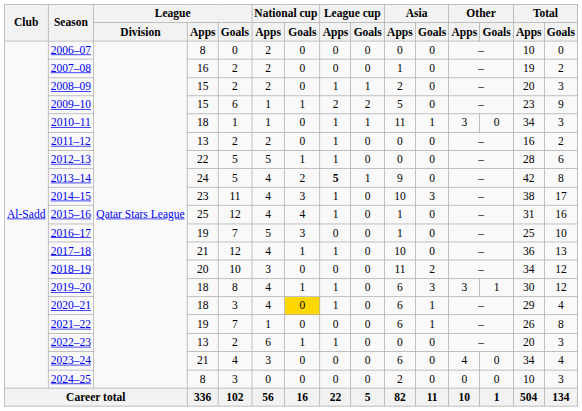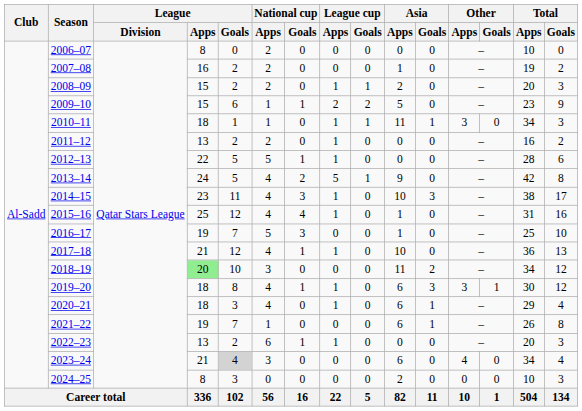 <table class="wikitable" style="text-align:center;">
 <tr>
 <th rowspan="2">Club</th>
 <th rowspan="2">Season</th>
 <th colspan="3">League</th>
 <th colspan="2">National cup</th>
 <th colspan="2">League cup</th>
 <th colspan="2">Asia</th>
 <th colspan="2">Other</th>
 <th colspan="2">Total</th>
 </tr>
 <tr>
 <th>Division</th>
 <th>Apps</th>
 <th>Goals</th>
 <th>Apps</th>
 <th>Goals</th>
 <th>Apps</th>
 <th>Goals</th>
 <th>Apps</th>
 <th>Goals</th>
 <th>Apps</th>
 <th>Goals</th>
 <th>Apps</th>
 <th>Goals</th>
 </tr>
 <tr>
 <td rowspan="19"><a href='#'>Al-Sadd</a></td>
 <td><a href='#'>2006–07</a></td>
 <td rowspan="19" valign="center"><a href='#'>Qatar Stars League</a></td>
 <td>8</td>
 <td>0</td>
 <td>2</td>
 <td>0</td>
 <td>0</td>
 <td>0</td>
 <td>0</td>
 <td>0</td>
 <td colspan="2">–</td>
 <td>10</td>
 <td>0</td>
 </tr>
 <tr>
 <td><a href='#'>2007–08</a></td>
 <td>16</td>
 <td>2</td>
 <td>2</td>
 <td>0</td>
 <td>0</td>
 <td>0</td>
 <td>1</td>
 <td>0</td>
 <td colspan="2">–</td>
 <td>19</td>
 <td>2</td>
 </tr>
 <tr>
 <td><a href='#'>2008–09</a></td>
 <td>15</td>
 <td>2</td>
 <td>2</td>
 <td>0</td>
 <td>1</td>
 <td>1</td>
 <td>2</td>
 <td>0</td>
 <td colspan="2">–</td>
 <td>20</td>
 <td>3</td>
 </tr>
 <tr>
 <td><a href='#'>2009–10</a></td>
 <td>15</td>
 <td>6</td>
 <td>1</td>
 <td>1</td>
 <td>2</td>
 <td>2</td>
 <td>5</td>
 <td>0</td>
 <td colspan="2">–</td>
 <td>23</td>
 <td>9</td>
 </tr>
 <tr>
 <td><a href='#'>2010–11</a></td>
 <td>18</td>
 <td>1</td>
 <td>1</td>
 <td>0</td>
 <td>1</td>
 <td>1</td>
 <td>11</td>
 <td>1</td>
 <td>3</td>
 <td>0</td>
 <td>34</td>
 <td>3</td>
 </tr>
 <tr>
 <td><a href='#'>2011–12</a></td>
 <td>13</td>
 <td>2</td>
 <td>2</td>
 <td>0</td>
 <td>1</td>
 <td>0</td>
 <td>0</td>
 <td>0</td>
 <td colspan="2">–</td>
 <td>16</td>
 <td>2</td>
 </tr>
 <tr>
 <td><a href='#'>2012–13</a></td>
 <td>22</td>
 <td>5</td>
 <td>5</td>
 <td>1</td>
 <td>1</td>
 <td>0</td>
 <td>0</td>
 <td>0</td>
 <td colspan="2">–</td>
 <td>28</td>
 <td>6</td>
 </tr>
 <tr>
 <td><a href='#'>2013–14</a></td>
 <td>24</td>
 <td>5</td>
 <td>4</td>
 <td>2</td>
-<td><strong>5</strong></td>
+<td>5</td>
 <td>1</td>
 <td>9</td>
 <td>0</td>
 <td colspan="2">–</td>
 <td>42</td>
 <td>8</td>
 </tr>
 <tr>
 <td><a href='#'>2014–15</a></td>
 <td>23</td>
 <td>11</td>
 <td>4</td>
 <td>3</td>
 <td>1</td>
 <td>0</td>
 <td>10</td>
 <td>3</td>
 <td colspan="2">–</td>
 <td>38</td>
 <td>17</td>
 </tr>
 <tr>
 <td><a href='#'>2015–16</a></td>
 <td>25</td>
 <td>12</td>
 <td>4</td>
 <td>4</td>
 <td>1</td>
 <td>0</td>
 <td>1</td>
 <td>0</td>
 <td colspan="2">–</td>
 <td>31</td>
 <td>16</td>
 </tr>
 <tr>
 <td><a href='#'>2016–17</a></td>
 <td>19</td>
 <td>7</td>
 <td>5</td>
 <td>3</td>
 <td>0</td>
 <td>0</td>
 <td>1</td>
 <td>0</td>
 <td colspan="2">–</td>
 <td>25</td>
 <td>10</td>
 </tr>
 <tr>
 <td><a href='#'>2017–18</a></td>
 <td>21</td>
 <td>12</td>
 <td>4</td>
 <td>1</td>
 <td>1</td>
 <td>0</td>
 <td>10</td>
 <td>0</td>
 <td colspan="2">–</td>
 <td>36</td>
 <td>13</td>
 </tr>
 <tr>
 <td><a href='#'>2018–19</a></td>
-<td>20</td>
+<td style="background: lightgreen;">20</td>
 <td>10</td>
 <td>3</td>
 <td>0</td>
 <td>0</td>
 <td>0</td>
 <td>11</td>
 <td>2</td>
 <td colspan="2">–</td>
 <td>34</td>
 <td>12</td>
 </tr>
 <tr>
 <td><a href='#'>2019–20</a></td>
 <td>18</td>
 <td>8</td>
 <td>4</td>
 <td>1</td>
 <td>1</td>
 <td>0</td>
 <td>6</td>
 <td>3</td>
 <td>3</td>
 <td>1</td>
 <td>30</td>
 <td>12</td>
 </tr>
 <tr>
 <td><a href='#'>2020–21</a></td>
 <td>18</td>
 <td>3</td>
 <td>4</td>
-<td style="background: gold;">0</td>
+<td>0</td>
 <td>1</td>
 <td>0</td>
 <td>6</td>
 <td>1</td>
 <td colspan="2">–</td>
 <td>29</td>
 <td>4</td>
 </tr>
 <tr>
 <td><a href='#'>2021–22</a></td>
 <td>19</td>
 <td>7</td>
 <td>1</td>
 <td>0</td>
 <td>0</td>
 <td>0</td>
 <td>6</td>
 <td>1</td>
 <td colspan="2">–</td>
 <td>26</td>
 <td>8</td>
 </tr>
 <tr>
 <td><a href='#'>2022–23</a></td>
 <td>13</td>
 <td>2</td>
 <td>6</td>
 <td>1</td>
 <td>1</td>
 <td>0</td>
 <td>0</td>
 <td>0</td>
 <td colspan="2">–</td>
 <td>20</td>
 <td>3</td>
 </tr>
 <tr>
 <td><a href='#'>2023–24</a></td>
 <td>21</td>
-<td>4</td>
+<td style="background: lightgrey;">4</td>
 <td>3</td>
 <td>0</td>
 <td>0</td>
 <td>0</td>
 <td>6</td>
 <td>0</td>
 <td>4</td>
 <td>0</td>
 <td>34</td>
 <td>4</td>
 </tr>
 <tr>
 <td><a href='#'>2024–25</a></td>
 <td>8</td>
 <td>3</td>
 <td>0</td>
 <td>0</td>
 <td>0</td>
 <td>0</td>
 <td>2</td>
 <td>0</td>
 <td>0</td>
 <td>0</td>
 <td>10</td>
 <td>3</td>
 </tr>
 <tr>
 <th colspan="3">Career total</th>
 <th>336</th>
 <th>102</th>
 <th>56</th>
 <th>16</th>
 <th>22</th>
 <th>5</th>
 <th>82</th>
 <th>11</th>
 <th>10</th>
 <th>1</th>
 <th>504</th>
 <th>134</th>
 </tr>
 </table>
